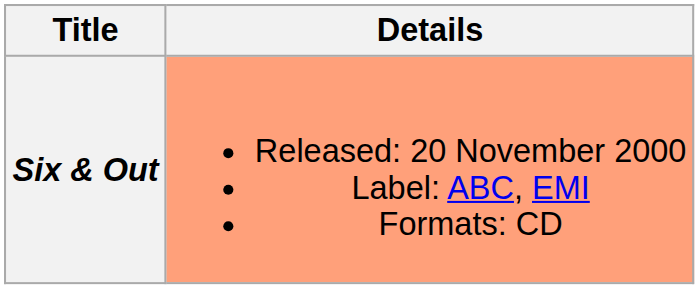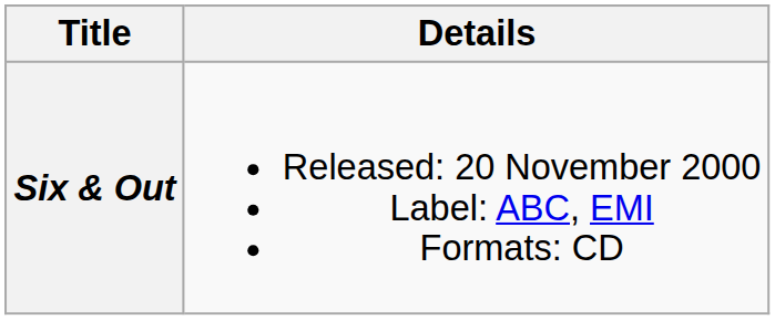 <table class="wikitable plainrowheaders" style="text-align:center">
 <tr>
 <th scope="col">Title</th>
 <th scope="col">Details</th>
 </tr>
 <tr>
 <th scope="row"><em>Six & Out</em></th>
-<td style="background: lightsalmon;"><br><ul><li>Released: 20 November 2000</li><li>Label: <a href='#'>ABC</a>, <a href='#'>EMI</a></li><li>Formats: CD</li></ul></td>
+<td><br><ul><li>Released: 20 November 2000</li><li>Label: <a href='#'>ABC</a>, <a href='#'>EMI</a></li><li>Formats: CD</li></ul></td>
 </tr>
 </table>
